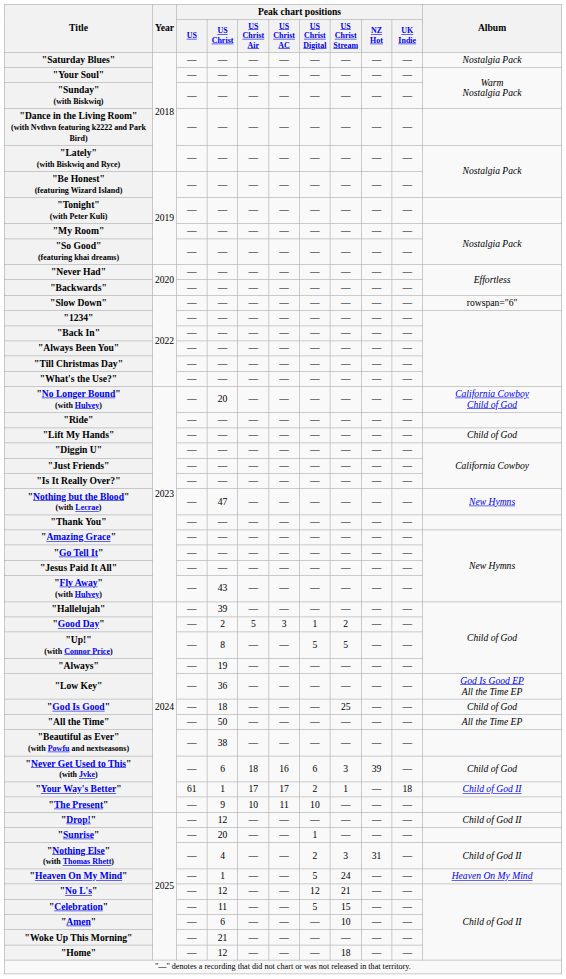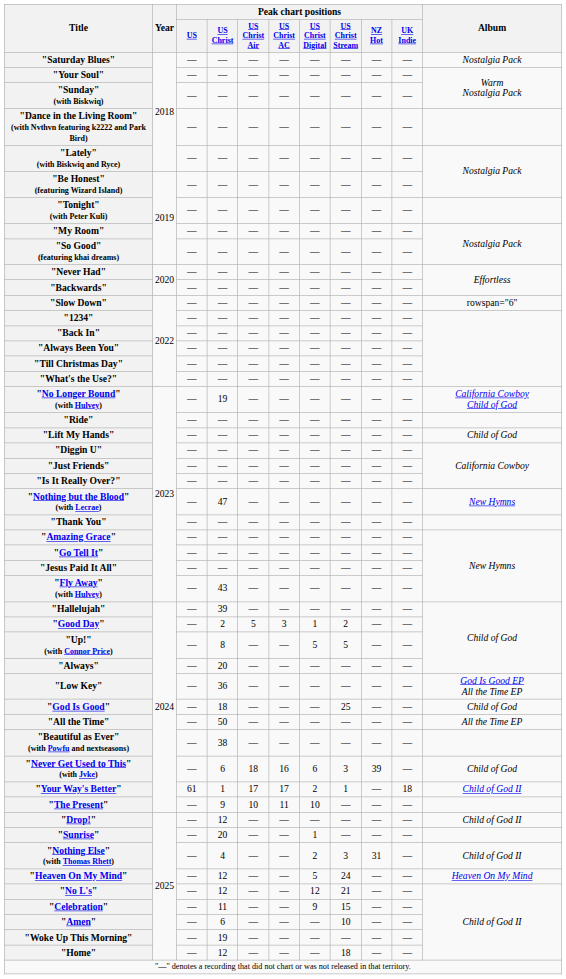 <table class="wikitable plainrowheaders" style="text-align:center;">
 <tr>
 <th scope="col" rowspan="2" style="width:15em;">Title</th>
 <th scope="col" rowspan="2">Year</th>
 <th colspan="8" scope="col">Peak chart positions</th>
 <th scope="col" rowspan="2" style="width:14em;">Album</th>
 </tr>
 <tr style="font-size:smaller;">
 <th scope="col" width="45"><a href='#'>US</a><br></th>
 <th scope="col" width="45"><a href='#'>US<br>Christ</a><br></th>
 <th scope="col" width="45"><a href='#'>US<br>Christ<br>Air</a><br></th>
 <th scope="col" width="45"><a href='#'>US<br>Christ<br>AC</a><br></th>
 <th scope="col" width="45"><a href='#'>US<br>Christ<br>Digital</a><br></th>
 <th scope="col" width="45"><a href='#'>US<br>Christ<br>Stream<br></a></th>
 <th scope="col" width="45"><a href='#'>NZ<br>Hot</a><br></th>
 <th scope="col" width="45"><a href='#'>UK<br>Indie</a><br></th>
 </tr>
 <tr>
 <th scope="row">"Saturday Blues"</th>
 <td rowspan="5">2018</td>
 <td>—</td>
 <td>—</td>
 <td>—</td>
 <td>—</td>
 <td>—</td>
 <td>—</td>
 <td>—</td>
 <td>—</td>
 <td><em>Nostalgia Pack</em></td>
 </tr>
 <tr>
 <th scope="row">"Your Soul"</th>
 <td>—</td>
 <td>—</td>
 <td>—</td>
 <td>—</td>
 <td>—</td>
 <td>—</td>
 <td>—</td>
 <td>—</td>
 <td rowspan="2"><em>Warm</em><br><em>Nostalgia Pack</em></td>
 </tr>
 <tr>
 <th scope="row">"Sunday"<br><small>(with Biskwiq)</small></th>
 <td>—</td>
 <td>—</td>
 <td>—</td>
 <td>—</td>
 <td>—</td>
 <td>—</td>
 <td>—</td>
 <td>—</td>
 </tr>
 <tr>
 <th scope="row">"Dance in the Living Room"<br><small>(with Nvthvn featuring k2222 and Park Bird)</small></th>
 <td>—</td>
 <td>—</td>
 <td>—</td>
 <td>—</td>
 <td>—</td>
 <td>—</td>
 <td>—</td>
 <td>—</td>
 <td></td>
 </tr>
 <tr>
 <th scope="row">"Lately"<br><small>(with Biskwiq and Ryce)</small></th>
 <td>—</td>
 <td>—</td>
 <td>—</td>
 <td>—</td>
 <td>—</td>
 <td>—</td>
 <td>—</td>
 <td>—</td>
 <td rowspan="2"><em>Nostalgia Pack</em></td>
 </tr>
 <tr>
 <th scope="row">"Be Honest"<br><small>(featuring Wizard Island)</small></th>
 <td rowspan="4">2019</td>
 <td>—</td>
 <td>—</td>
 <td>—</td>
 <td>—</td>
 <td>—</td>
 <td>—</td>
 <td>—</td>
 <td>—</td>
 </tr>
 <tr>
 <th scope="row">"Tonight"<br><small>(with Peter Kuli)</small></th>
 <td>—</td>
 <td>—</td>
 <td>—</td>
 <td>—</td>
 <td>—</td>
 <td>—</td>
 <td>—</td>
 <td>—</td>
 <td></td>
 </tr>
 <tr>
 <th scope="row">"My Room"</th>
 <td>—</td>
 <td>—</td>
 <td>—</td>
 <td>—</td>
 <td>—</td>
 <td>—</td>
 <td>—</td>
 <td>—</td>
 <td rowspan="2"><em>Nostalgia Pack</em></td>
 </tr>
 <tr>
 <th scope="row">"So Good"<br><small>(featuring khai dreams)</small></th>
 <td>—</td>
 <td>—</td>
 <td>—</td>
 <td>—</td>
 <td>—</td>
 <td>—</td>
 <td>—</td>
 <td>—</td>
 </tr>
 <tr>
 <th scope="row">"Never Had"</th>
 <td rowspan="2">2020</td>
 <td>—</td>
 <td>—</td>
 <td>—</td>
 <td>—</td>
 <td>—</td>
 <td>—</td>
 <td>—</td>
 <td>—</td>
 <td rowspan="2"><em>Effortless</em></td>
 </tr>
 <tr>
 <th scope="row">"Backwards"</th>
 <td>—</td>
 <td>—</td>
 <td>—</td>
 <td>—</td>
 <td>—</td>
 <td>—</td>
 <td>—</td>
 <td>—</td>
 </tr>
 <tr>
 <th scope="row">"Slow Down"</th>
 <td rowspan="6">2022</td>
 <td>—</td>
 <td>—</td>
 <td>—</td>
 <td>—</td>
 <td>—</td>
 <td>—</td>
 <td>—</td>
 <td>—</td>
 <td>rowspan="6" </td>
 </tr>
 <tr>
 <th scope="row">"1234"</th>
 <td>—</td>
 <td>—</td>
 <td>—</td>
 <td>—</td>
 <td>—</td>
 <td>—</td>
 <td>—</td>
 <td>—</td>
 </tr>
 <tr>
 <th scope="row">"Back In"</th>
 <td>—</td>
 <td>—</td>
 <td>—</td>
 <td>—</td>
 <td>—</td>
 <td>—</td>
 <td>—</td>
 <td>—</td>
 </tr>
 <tr>
 <th scope="row">"Always Been You"</th>
 <td>—</td>
 <td>—</td>
 <td>—</td>
 <td>—</td>
 <td>—</td>
 <td>—</td>
 <td>—</td>
 <td>—</td>
 </tr>
 <tr>
 <th scope="row">"Till Christmas Day"</th>
 <td>—</td>
 <td>—</td>
 <td>—</td>
 <td>—</td>
 <td>—</td>
 <td>—</td>
 <td>—</td>
 <td>—</td>
 </tr>
 <tr>
 <th scope="row">"What's the Use?"</th>
 <td>—</td>
 <td>—</td>
 <td>—</td>
 <td>—</td>
 <td>—</td>
 <td>—</td>
 <td>—</td>
 <td>—</td>
 </tr>
 <tr>
 <th scope="row">"<a href='#'>No Longer Bound</a>"<br><small>(with <a href='#'>Hulvey</a>)</small></th>
 <td rowspan="12">2023</td>
 <td>—</td>
-<td>20</td>
+<td>19</td>
 <td>—</td>
 <td>—</td>
 <td>—</td>
 <td>—</td>
 <td>—</td>
 <td>—</td>
 <td><em><a href='#'>California Cowboy</a></em><br><em><a href='#'>Child of God</a></em></td>
 </tr>
 <tr>
 <th scope="row">"Ride"</th>
 <td>—</td>
 <td>—</td>
 <td>—</td>
 <td>—</td>
 <td>—</td>
 <td>—</td>
 <td>—</td>
 <td>—</td>
 <td></td>
 </tr>
 <tr>
 <th scope="row">"Lift My Hands"</th>
 <td>—</td>
 <td>—</td>
 <td>—</td>
 <td>—</td>
 <td>—</td>
 <td>—</td>
 <td>—</td>
 <td>—</td>
 <td><em>Child of God</em></td>
 </tr>
 <tr>
 <th scope="row">"Diggin U"</th>
 <td>—</td>
 <td>—</td>
 <td>—</td>
 <td>—</td>
 <td>—</td>
 <td>—</td>
 <td>—</td>
 <td>—</td>
 <td rowspan="3"><em>California Cowboy</em></td>
 </tr>
 <tr>
 <th scope="row">"Just Friends"</th>
 <td>—</td>
 <td>—</td>
 <td>—</td>
 <td>—</td>
 <td>—</td>
 <td>—</td>
 <td>—</td>
 <td>—</td>
 </tr>
 <tr>
 <th scope="row">"Is It Really Over?"</th>
 <td>—</td>
 <td>—</td>
 <td>—</td>
 <td>—</td>
 <td>—</td>
 <td>—</td>
 <td>—</td>
 <td>—</td>
 </tr>
 <tr>
 <th scope="row">"<a href='#'>Nothing but the Blood</a>"<br><small>(with <a href='#'>Lecrae</a>)</small></th>
 <td>—</td>
 <td>47</td>
 <td>—</td>
 <td>—</td>
 <td>—</td>
 <td>—</td>
 <td>—</td>
 <td>—</td>
 <td><em><a href='#'>New Hymns</a></em></td>
 </tr>
 <tr>
 <th scope="row">"Thank You"</th>
 <td>—</td>
 <td>—</td>
 <td>—</td>
 <td>—</td>
 <td>—</td>
 <td>—</td>
 <td>—</td>
 <td>—</td>
 <td></td>
 </tr>
 <tr>
 <th scope="row">"<a href='#'>Amazing Grace</a>"</th>
 <td>—</td>
 <td>—</td>
 <td>—</td>
 <td>—</td>
 <td>—</td>
 <td>—</td>
 <td>—</td>
 <td>—</td>
 <td rowspan="4"><em>New Hymns</em></td>
 </tr>
 <tr>
 <th scope="row">"<a href='#'>Go Tell It</a>"</th>
 <td>—</td>
 <td>—</td>
 <td>—</td>
 <td>—</td>
 <td>—</td>
 <td>—</td>
 <td>—</td>
 <td>—</td>
 </tr>
 <tr>
 <th scope="row">"Jesus Paid It All"</th>
 <td>—</td>
 <td>—</td>
 <td>—</td>
 <td>—</td>
 <td>—</td>
 <td>—</td>
 <td>—</td>
 <td>—</td>
 </tr>
 <tr>
 <th scope="row">"<a href='#'>Fly Away</a>"<br><small>(with <a href='#'>Hulvey</a>)</small></th>
 <td>—</td>
 <td>43</td>
 <td>—</td>
 <td>—</td>
 <td>—</td>
 <td>—</td>
 <td>—</td>
 <td>—</td>
 </tr>
 <tr>
 <th scope="row">"Hallelujah"</th>
 <td rowspan="11">2024</td>
 <td>—</td>
 <td>39</td>
 <td>—</td>
 <td>—</td>
 <td>—</td>
 <td>—</td>
 <td>—</td>
 <td>—</td>
 <td rowspan="4"><em>Child of God</em></td>
 </tr>
 <tr>
 <th scope="row">"<a href='#'>Good Day</a>"</th>
 <td>—</td>
 <td>2</td>
 <td>5</td>
 <td>3</td>
 <td>1</td>
 <td>2</td>
 <td>—</td>
 <td>—</td>
 </tr>
 <tr>
 <th scope="row">"Up!"<br><small>(with <a href='#'>Connor Price</a>)</small></th>
 <td>—</td>
 <td>8</td>
 <td>—</td>
 <td>—</td>
 <td>5</td>
 <td>5</td>
 <td>—</td>
 <td>—</td>
 </tr>
 <tr>
 <th scope="row">"Always"</th>
 <td>—</td>
-<td>19</td>
+<td>20</td>
 <td>—</td>
 <td>—</td>
 <td>—</td>
 <td>—</td>
 <td>—</td>
 <td>—</td>
 </tr>
 <tr>
 <th scope="row">"Low Key"</th>
 <td>—</td>
 <td>36</td>
 <td>—</td>
 <td>—</td>
 <td>—</td>
 <td>—</td>
 <td>—</td>
 <td>—</td>
 <td><em><a href='#'>God Is Good EP</a></em><br><em>All the Time EP</em></td>
 </tr>
 <tr>
 <th scope="row">"<a href='#'>God Is Good</a>"<br></th>
 <td>—</td>
 <td>18</td>
 <td>—</td>
 <td>—</td>
 <td>—</td>
 <td>25</td>
 <td>—</td>
 <td>—</td>
 <td><em>Child of God</em></td>
 </tr>
 <tr>
 <th scope="row">"All the Time"<br></th>
 <td>—</td>
 <td>50</td>
 <td>—</td>
 <td>—</td>
 <td>—</td>
 <td>—</td>
 <td>—</td>
 <td>—</td>
 <td><em>All the Time EP</em></td>
 </tr>
 <tr>
 <th scope="row">"Beautiful as Ever"<br><small>(with <a href='#'>Powfu</a> and nextseasons)</small></th>
 <td>—</td>
 <td>38</td>
 <td>—</td>
 <td>—</td>
 <td>—</td>
 <td>—</td>
 <td>—</td>
 <td>—</td>
 <td></td>
 </tr>
 <tr>
 <th scope="row">"<a href='#'>Never Get Used to This</a>"<br><small>(with <a href='#'>Jvke</a>)</small></th>
 <td>—</td>
 <td>6</td>
 <td>18</td>
 <td>16</td>
 <td>6</td>
 <td>3</td>
 <td>39</td>
 <td>—</td>
 <td><em>Child of God</em></td>
 </tr>
 <tr>
 <th scope="row">"<a href='#'>Your Way's Better</a>"</th>
 <td>61</td>
 <td>1</td>
 <td>17</td>
 <td>17</td>
 <td>2</td>
 <td>1</td>
 <td>—</td>
 <td>18</td>
 <td><em><a href='#'>Child of God II</a></em></td>
 </tr>
 <tr>
 <th scope="row">"<a href='#'>The Present</a>"</th>
 <td>—</td>
 <td>9</td>
 <td>10</td>
 <td>11</td>
 <td>10</td>
 <td>—</td>
 <td>—</td>
 <td>—</td>
 <td></td>
 </tr>
 <tr>
 <th scope="row">"<a href='#'>Drop!</a>"</th>
 <td rowspan="9">2025</td>
 <td>—</td>
 <td>12</td>
 <td>—</td>
 <td>—</td>
 <td>—</td>
 <td>—</td>
 <td>—</td>
 <td>—</td>
 <td><em>Child of God II</em></td>
 </tr>
 <tr>
 <th scope="row">"<a href='#'>Sunrise</a>"</th>
 <td>—</td>
 <td>20</td>
 <td>—</td>
 <td>—</td>
 <td>1</td>
 <td>—</td>
 <td>—</td>
 <td>—</td>
 <td></td>
 </tr>
 <tr>
 <th scope="row">"<a href='#'>Nothing Else</a>"<br><small>(with <a href='#'>Thomas Rhett</a>)</small></th>
 <td>—</td>
 <td>4</td>
 <td>—</td>
 <td>—</td>
 <td>2</td>
 <td>3</td>
 <td>31</td>
 <td>—</td>
 <td><em>Child of God II</em></td>
 </tr>
 <tr>
 <th scope="row">"<a href='#'>Heaven On My Mind</a>"<br></th>
 <td>—</td>
-<td>1</td>
+<td>12</td>
 <td>—</td>
 <td>—</td>
 <td>5</td>
 <td>24</td>
 <td>—</td>
 <td>—</td>
 <td><em><a href='#'>Heaven On My Mind</a></em></td>
 </tr>
 <tr>
 <th scope="row">"<a href='#'>No L's</a>"</th>
 <td>—</td>
 <td>12</td>
 <td>—</td>
 <td>—</td>
 <td>12</td>
 <td>21</td>
 <td>—</td>
 <td>—</td>
 <td rowspan="5"><em>Child of God II</em></td>
 </tr>
 <tr>
 <th scope="row">"<a href='#'>Celebration</a>"</th>
 <td>—</td>
 <td>11</td>
 <td>—</td>
 <td>—</td>
-<td>5</td>
+<td>9</td>
 <td>15</td>
 <td>—</td>
 <td>—</td>
 </tr>
 <tr>
 <th scope="row">"<a href='#'>Amen</a>"</th>
 <td>—</td>
 <td>6</td>
 <td>—</td>
 <td>—</td>
 <td>—</td>
 <td>10</td>
 <td>—</td>
 <td>—</td>
 </tr>
 <tr>
 <th scope="row">"Woke Up This Morning"<br></th>
 <td>—</td>
-<td>21</td>
+<td>19</td>
 <td>—</td>
 <td>—</td>
 <td>—</td>
 <td>—</td>
 <td>—</td>
 <td>—</td>
 </tr>
 <tr>
 <th scope="row">"Home"</th>
 <td>—</td>
 <td>12</td>
 <td>—</td>
 <td>—</td>
 <td>—</td>
 <td>18</td>
 <td>—</td>
 <td>—</td>
 </tr>
 <tr>
 <td colspan="19" style="font-size:85%">"—" denotes a recording that did not chart or was not released in that territory.</td>
 </tr>
 </table>
